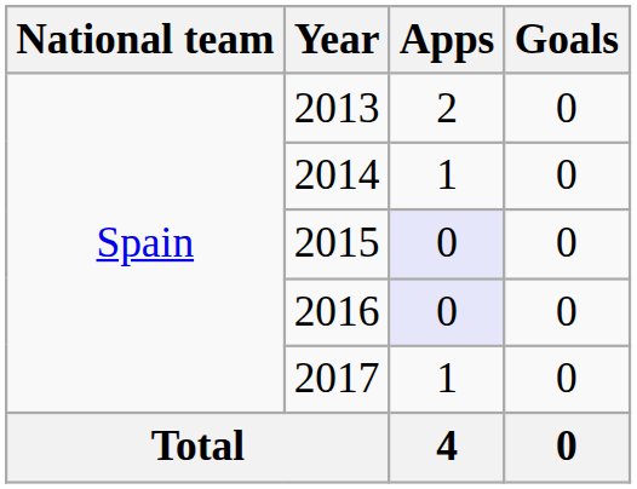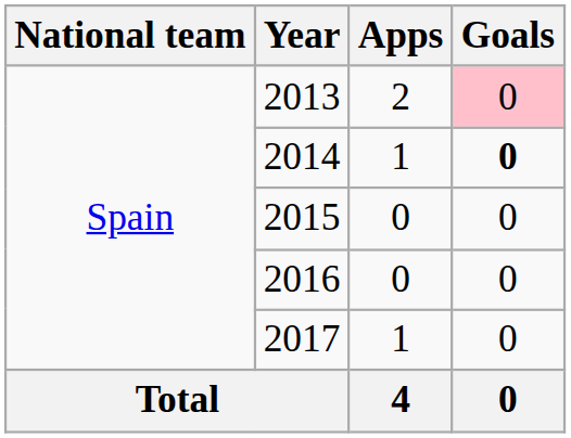 <table class=wikitable style="text-align: center">
 <tr>
 <th>National team</th>
 <th>Year</th>
 <th>Apps</th>
 <th>Goals</th>
 </tr>
 <tr>
 <td rowspan="5"><a href='#'>Spain</a></td>
 <td>2013</td>
 <td>2</td>
-<td>0</td>
+<td style="background: pink;">0</td>
 </tr>
 <tr>
 <td>2014</td>
 <td>1</td>
-<td>0</td>
+<td><strong>0</strong></td>
 </tr>
 <tr>
 <td>2015</td>
-<td style="background: lavender;">0</td>
+<td>0</td>
 <td>0</td>
 </tr>
 <tr>
 <td>2016</td>
-<td style="background: lavender;">0</td>
+<td>0</td>
 <td>0</td>
 </tr>
 <tr>
 <td>2017</td>
 <td>1</td>
 <td>0</td>
 </tr>
 <tr>
 <th colspan=2>Total</th>
 <th>4</th>
 <th>0</th>
 </tr>
 </table>
